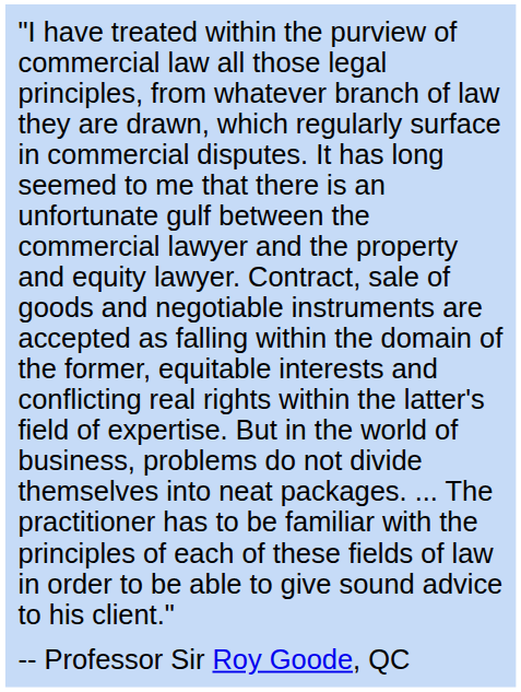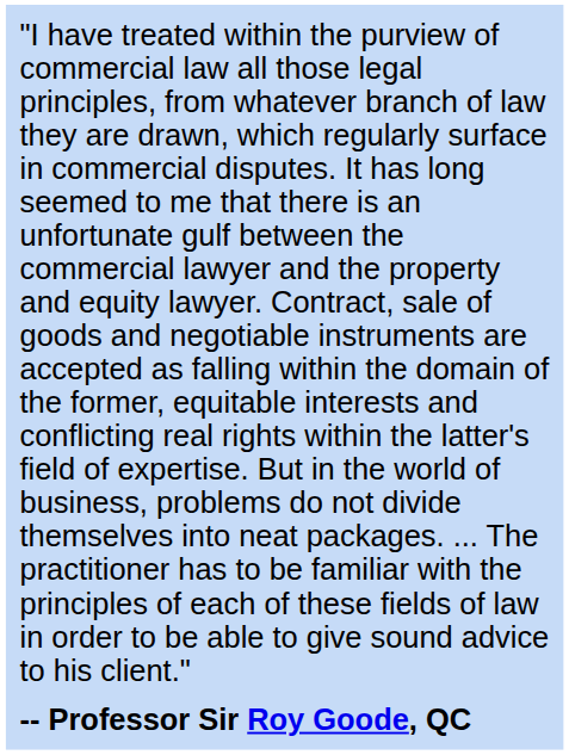 <table class="toccolours" style="float: right; margin-left: 1em; margin-right: 2em; font-size: 85%; background:#c6dbf7; color:black; width:30em; max-width: 40%;" cellspacing="5">
 <tr>
 <td style="text-align: left;">"I have treated within the purview of commercial law all those legal principles, from whatever branch of law they are drawn, which regularly surface in commercial disputes.  It has long seemed to me that there is an unfortunate gulf between the commercial lawyer and the property and equity lawyer.  Contract, sale of goods and negotiable instruments are accepted as falling within the domain of the former, equitable interests and conflicting real rights within the latter's field of expertise.  But in the world of business, problems do not divide themselves into neat packages. ... The practitioner has to be familiar with the principles of each of these fields of law in order to be able to give sound advice to his client."</td>
 </tr>
 <tr>
-<td style="text-align: left;">-- Professor Sir <a href='#'>Roy Goode</a>, QC</td>
+<td style="text-align: left;"><strong>-- Professor Sir <a href='#'>Roy Goode</a>, QC</strong></td>
 </tr>
 </table>
